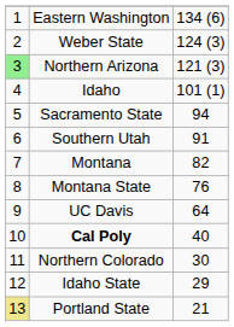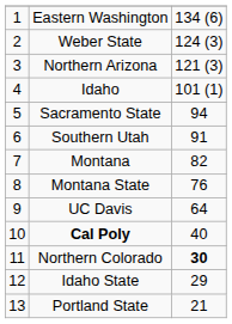 <table class="wikitable" style="display: inline-table;">
 <tr align="center">
 </tr>
 <tr align="center">
 <td>1</td>
 <td>Eastern Washington</td>
 <td>134 (6)</td>
 </tr>
 <tr align="center">
 <td>2</td>
 <td>Weber State</td>
 <td>124 (3)</td>
 </tr>
 <tr align="center">
-<td style="background: lightgreen;">3</td>
+<td>3</td>
 <td>Northern Arizona</td>
 <td>121 (3)</td>
 </tr>
 <tr align="center">
 <td>4</td>
 <td>Idaho</td>
 <td>101 (1)</td>
 </tr>
 <tr align="center">
 <td>5</td>
 <td>Sacramento State</td>
 <td>94</td>
 </tr>
 <tr align="center">
 <td>6</td>
 <td>Southern Utah</td>
 <td>91</td>
 </tr>
 <tr align="center">
 <td>7</td>
 <td>Montana</td>
 <td>82</td>
 </tr>
 <tr align="center">
 <td>8</td>
 <td>Montana State</td>
 <td>76</td>
 </tr>
 <tr align="center">
 <td>9</td>
 <td>UC Davis</td>
 <td>64</td>
 </tr>
 <tr align="center">
 <td>10</td>
 <td><strong>Cal Poly</strong></td>
 <td>40</td>
 </tr>
 <tr align="center">
 <td>11</td>
 <td>Northern Colorado</td>
-<td>30</td>
+<td><strong>30</strong></td>
 </tr>
 <tr align="center">
 <td>12</td>
 <td>Idaho State</td>
 <td>29</td>
 </tr>
 <tr align="center">
-<td style="background: khaki;">13</td>
+<td>13</td>
 <td>Portland State</td>
 <td>21</td>
 </tr>
 </table>
